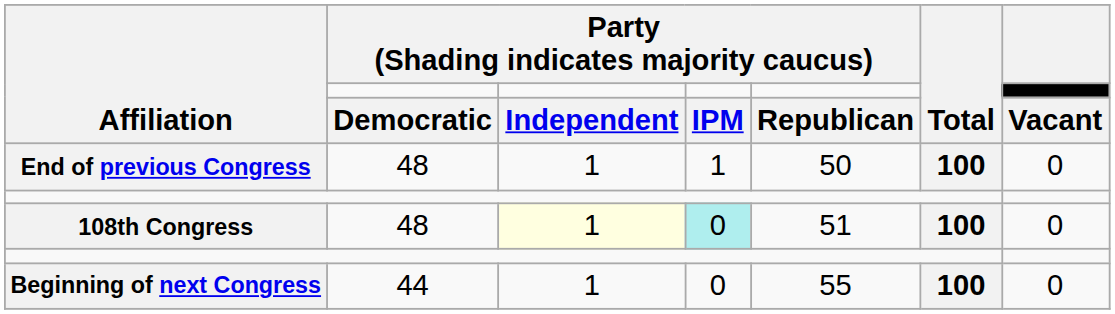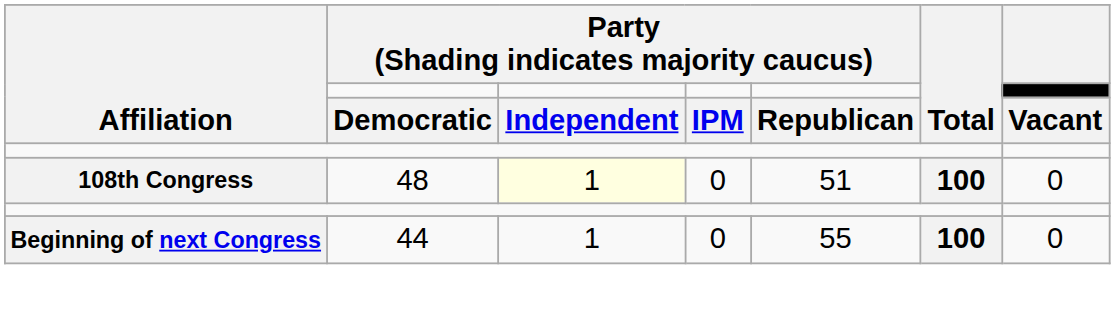 <table class=wikitable style="text-align:center">
 <tr style="vertical-align:bottom;">
 <th rowspan=3>Affiliation</th>
 <th colspan=4>Party <div>(Shading indicates majority caucus)</div></th>
 <th rowspan=3>Total</th>
 <th></th>
 </tr>
 <tr style="height:5px">
 <td style="background-color:"></td>
 <td style="background-color:"></td>
 <td style="background-color:"></td>
 <td style="background-color:"></td>
 <td style="background-color:black"></td>
 </tr>
 <tr>
 <th>Democratic</th>
 <th><a href='#'>Independent</a></th>
 <th><a href='#'>IPM</a></th>
 <th>Republican</th>
 <th>Vacant</th>
 </tr>
 <tr>
-<th nowrap style="font-size:80%">End of <a href='#'>previous Congress</a></th>
-<td>48</td>
-<td>1</td>
-<td>1</td>
-<td>50</td>
-<th>100</th>
-<td>0</td>
-</tr>
-<tr>
 <td colspan=6></td>
 </tr>
 <tr>
 <th nowrap style=font-size:80%>108th Congress</th>
 <td>48</td>
 <td style="background: lightyellow;">1</td>
-<td style="background: paleturquoise;">0</td>
+<td>0</td>
 <td>51</td>
 <th>100</th>
 <td>0</td>
 </tr>
 <tr>
 <td colspan=6></td>
 </tr>
 <tr>
 <th nowrap style="font-size:80%">Beginning of <a href='#'>next Congress</a></th>
 <td>44</td>
 <td>1</td>
 <td>0</td>
 <td>55</td>
 <th>100</th>
 <td>0</td>
 </tr>
 </table>
